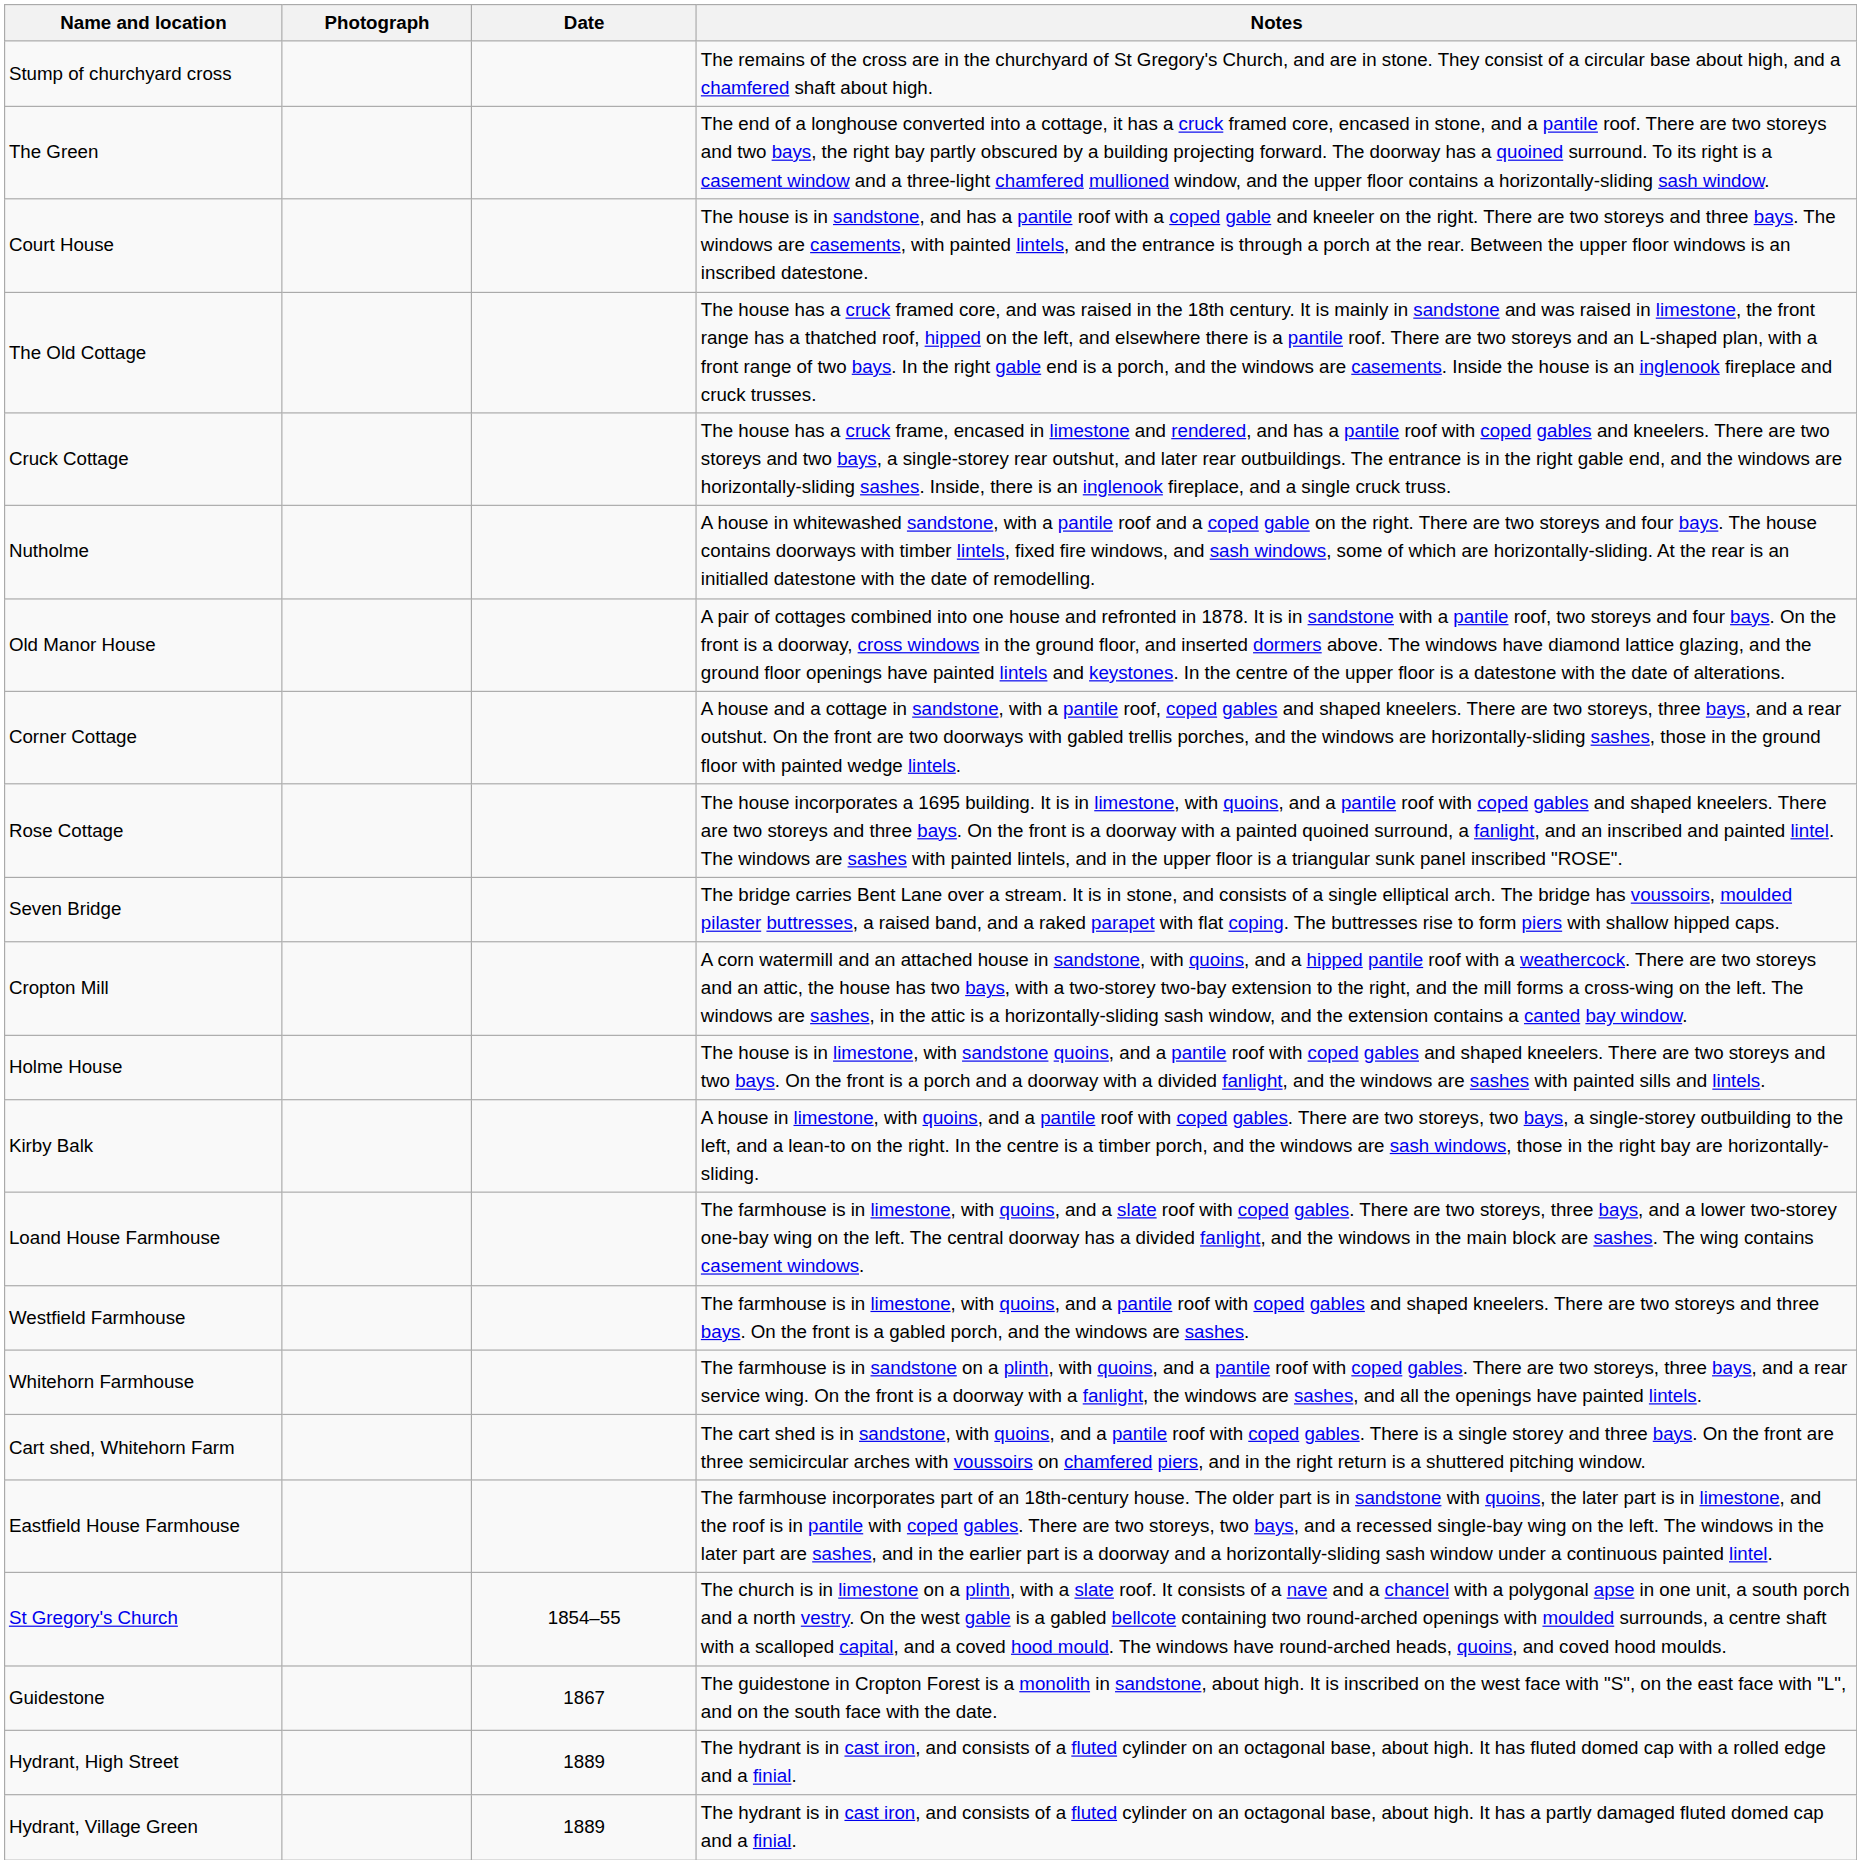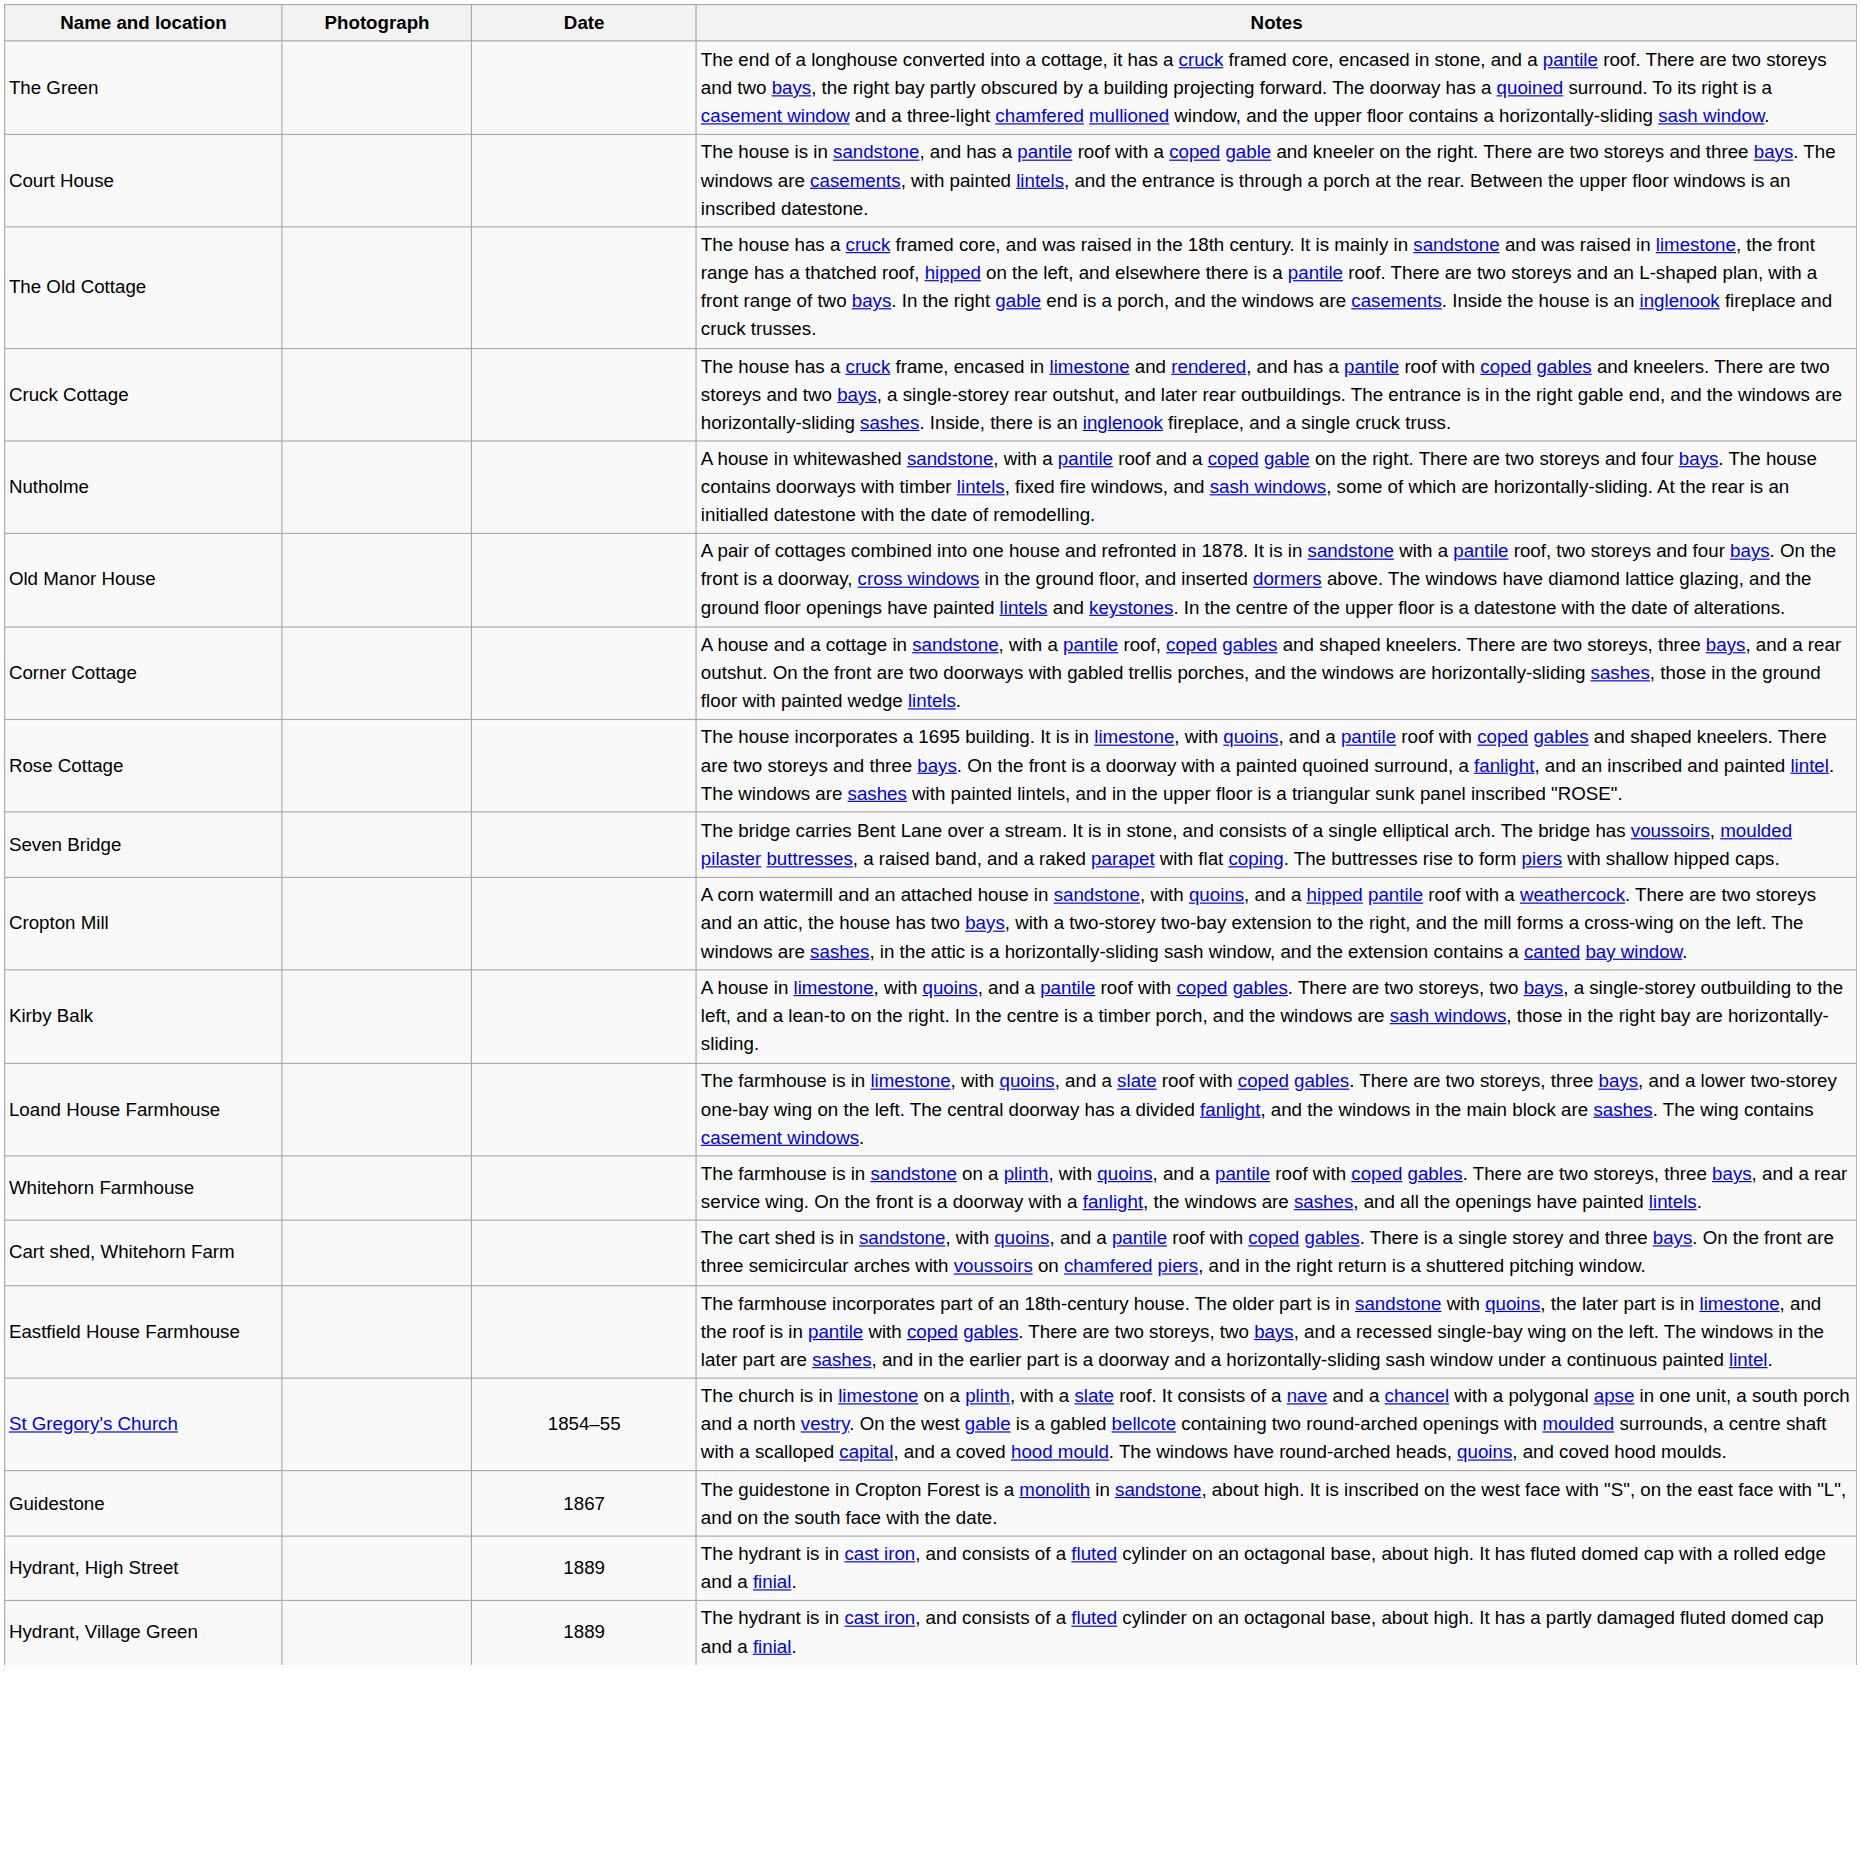 <table class="wikitable sortable plainrowheaders" style="width:100%;border:0px;text-align:left;line-height:150%;">
 <tr>
 <th scope="col"  style="width:150px">Name and location</th>
 <th scope="col"  style="width:100px" class="unsortable">Photograph</th>
 <th scope="col"  style="width:120px">Date</th>
 <th scope="col"  style="width:650px" class="unsortable">Notes</th>
-</tr>
-<tr>
-<td>Stump of churchyard cross<br><small></small></td>
-<td></td>
-<td align="center"></td>
-<td>The remains of the cross are in the churchyard of St Gregory's Church, and are in stone.  They consist of a circular base about  high, and a <a href='#'>chamfered</a> shaft about  high.</td>
 </tr>
 <tr>
 <td>The Green<br><small></small></td>
 <td></td>
 <td align="center"></td>
 <td>The end of a longhouse converted into a cottage, it has a <a href='#'>cruck</a> framed core, encased in stone, and a <a href='#'>pantile</a> roof.  There are two storeys and two <a href='#'>bays</a>, the right bay partly obscured by a building projecting forward.  The doorway has a <a href='#'>quoined</a> surround.  To its right is a <a href='#'>casement window</a> and a three-light <a href='#'>chamfered</a> <a href='#'>mullioned</a> window, and the upper floor contains a horizontally-sliding <a href='#'>sash window</a>.</td>
 </tr>
 <tr>
 <td>Court House<br><small></small></td>
 <td></td>
 <td align="center"></td>
 <td>The house is in <a href='#'>sandstone</a>, and has a <a href='#'>pantile</a> roof with a <a href='#'>coped</a> <a href='#'>gable</a> and kneeler on the right. There are two storeys and three <a href='#'>bays</a>.  The windows are <a href='#'>casements</a>, with painted <a href='#'>lintels</a>, and the entrance is through a porch at the rear.  Between the upper floor windows is an inscribed datestone.</td>
 </tr>
 <tr>
 <td>The Old Cottage<br><small></small></td>
 <td></td>
 <td align="center"></td>
 <td>The house has a <a href='#'>cruck</a> framed core, and was raised in the 18th century.  It is mainly in <a href='#'>sandstone</a> and was raised in <a href='#'>limestone</a>, the front range has a thatched roof, <a href='#'>hipped</a> on the left, and elsewhere there is a <a href='#'>pantile</a> roof.  There are two storeys and an L-shaped plan, with a front range of two <a href='#'>bays</a>.  In the right <a href='#'>gable</a> end is a porch, and the windows are <a href='#'>casements</a>.  Inside the house is an <a href='#'>inglenook</a> fireplace and cruck trusses.</td>
 </tr>
 <tr>
 <td>Cruck Cottage<br><small></small></td>
 <td></td>
 <td align="center"></td>
 <td>The house has a <a href='#'>cruck</a> frame, encased in <a href='#'>limestone</a> and <a href='#'>rendered</a>, and has a <a href='#'>pantile</a> roof with <a href='#'>coped</a> <a href='#'>gables</a> and kneelers.  There are two storeys and two <a href='#'>bays</a>, a single-storey rear outshut, and later rear outbuildings.  The entrance is in the right gable end, and the windows are horizontally-sliding <a href='#'>sashes</a>.  Inside, there is an <a href='#'>inglenook</a> fireplace, and a single cruck truss.</td>
 </tr>
 <tr>
 <td>Nutholme<br><small></small></td>
 <td></td>
 <td align="center"></td>
 <td>A house in whitewashed <a href='#'>sandstone</a>, with a <a href='#'>pantile</a> roof and a <a href='#'>coped</a> <a href='#'>gable</a> on the right.  There are two storeys and four <a href='#'>bays</a>.  The house contains doorways with timber <a href='#'>lintels</a>, fixed fire windows, and <a href='#'>sash windows</a>, some of which are horizontally-sliding.  At the rear is an initialled datestone with the date of remodelling.</td>
 </tr>
 <tr>
 <td>Old Manor House<br><small></small></td>
 <td></td>
 <td align="center"></td>
 <td>A pair of cottages combined into one house and refronted in 1878.  It is in <a href='#'>sandstone</a> with a <a href='#'>pantile</a> roof, two storeys and four <a href='#'>bays</a>.  On the front is a doorway, <a href='#'>cross windows</a> in the ground floor, and inserted <a href='#'>dormers</a> above.  The windows have diamond lattice glazing, and the ground floor openings have painted <a href='#'>lintels</a> and <a href='#'>keystones</a>.  In the centre of the upper floor is a datestone with the date of alterations.</td>
 </tr>
 <tr>
 <td>Corner Cottage<br><small></small></td>
 <td></td>
 <td align="center"></td>
 <td>A house and a cottage in <a href='#'>sandstone</a>, with a <a href='#'>pantile</a> roof, <a href='#'>coped</a> <a href='#'>gables</a> and shaped kneelers.  There are two storeys, three <a href='#'>bays</a>, and a rear outshut.  On the front are two doorways with gabled trellis porches, and the windows are horizontally-sliding <a href='#'>sashes</a>, those in the ground floor with painted wedge <a href='#'>lintels</a>.</td>
 </tr>
 <tr>
 <td>Rose Cottage<br><small></small></td>
 <td></td>
 <td align="center"></td>
 <td>The house incorporates a 1695 building.  It is in <a href='#'>limestone</a>, with <a href='#'>quoins</a>, and a <a href='#'>pantile</a> roof with <a href='#'>coped</a> <a href='#'>gables</a> and shaped kneelers.  There are two storeys and three <a href='#'>bays</a>.  On the front is a doorway with a painted quoined surround, a <a href='#'>fanlight</a>, and an inscribed and painted <a href='#'>lintel</a>.  The windows are <a href='#'>sashes</a> with painted lintels, and in the upper floor is a triangular sunk panel inscribed "ROSE".</td>
 </tr>
 <tr>
 <td>Seven Bridge<br><small></small></td>
 <td></td>
 <td align="center"></td>
 <td>The bridge carries Bent Lane over a stream.  It is in stone, and consists of a single elliptical arch.  The bridge has <a href='#'>voussoirs</a>, <a href='#'>moulded</a> <a href='#'>pilaster</a> <a href='#'>buttresses</a>, a raised band, and a raked <a href='#'>parapet</a> with flat <a href='#'>coping</a>.  The buttresses rise to form <a href='#'>piers</a> with shallow hipped caps.</td>
 </tr>
 <tr>
 <td>Cropton Mill<br><small></small></td>
 <td></td>
 <td align="center"></td>
 <td>A corn watermill and an attached house in <a href='#'>sandstone</a>, with <a href='#'>quoins</a>, and a <a href='#'>hipped</a> <a href='#'>pantile</a> roof with a <a href='#'>weathercock</a>.  There are two storeys and an attic, the house has two <a href='#'>bays</a>, with a two-storey two-bay extension to the right, and the mill forms a cross-wing on the left.  The windows are <a href='#'>sashes</a>, in the attic is a horizontally-sliding sash window, and the extension contains a <a href='#'>canted</a> <a href='#'>bay window</a>.</td>
 </tr>
 <tr>
-<td>Holme House<br><small></small></td>
-<td></td>
-<td align="center"></td>
-<td>The house is in <a href='#'>limestone</a>, with <a href='#'>sandstone</a> <a href='#'>quoins</a>, and a <a href='#'>pantile</a> roof with <a href='#'>coped</a> <a href='#'>gables</a> and shaped kneelers.  There are two storeys and two <a href='#'>bays</a>.  On the front is a porch and a doorway with a divided <a href='#'>fanlight</a>, and the windows are <a href='#'>sashes</a> with painted sills and <a href='#'>lintels</a>.</td>
-</tr>
-<tr>
 <td>Kirby Balk<br><small></small></td>
 <td></td>
 <td align="center"></td>
 <td>A house in <a href='#'>limestone</a>, with <a href='#'>quoins</a>, and a <a href='#'>pantile</a> roof with <a href='#'>coped</a> <a href='#'>gables</a>.  There are two storeys, two <a href='#'>bays</a>, a single-storey outbuilding to the left, and a lean-to on the right.  In the centre is a timber porch, and the windows are <a href='#'>sash windows</a>, those in the right bay are horizontally-sliding.</td>
 </tr>
 <tr>
 <td>Loand House Farmhouse<br><small></small></td>
 <td></td>
 <td align="center"></td>
 <td>The farmhouse is in <a href='#'>limestone</a>, with <a href='#'>quoins</a>, and a <a href='#'>slate</a> roof with <a href='#'>coped</a> <a href='#'>gables</a>.  There are two storeys, three <a href='#'>bays</a>, and a lower two-storey one-bay wing on the left.  The central doorway has a divided <a href='#'>fanlight</a>, and the windows in the main block are <a href='#'>sashes</a>.  The wing contains <a href='#'>casement windows</a>.</td>
-</tr>
-<tr>
-<td>Westfield Farmhouse<br><small></small></td>
-<td></td>
-<td align="center"></td>
-<td>The farmhouse is in <a href='#'>limestone</a>, with <a href='#'>quoins</a>, and a <a href='#'>pantile</a> roof with <a href='#'>coped</a> <a href='#'>gables</a> and shaped kneelers.  There are two storeys and three <a href='#'>bays</a>.  On the front is a gabled porch, and the windows are <a href='#'>sashes</a>.</td>
 </tr>
 <tr>
 <td>Whitehorn Farmhouse<br><small></small></td>
 <td></td>
 <td align="center"></td>
 <td>The farmhouse is in <a href='#'>sandstone</a> on a <a href='#'>plinth</a>, with <a href='#'>quoins</a>, and a <a href='#'>pantile</a> roof with <a href='#'>coped</a> <a href='#'>gables</a>.  There are two storeys, three <a href='#'>bays</a>, and a rear service wing.  On the front is a doorway with a <a href='#'>fanlight</a>, the windows are <a href='#'>sashes</a>, and all the openings have painted <a href='#'>lintels</a>.</td>
 </tr>
 <tr>
 <td>Cart shed, Whitehorn Farm<br><small></small></td>
 <td></td>
 <td align="center"></td>
 <td>The cart shed is in <a href='#'>sandstone</a>, with <a href='#'>quoins</a>, and a <a href='#'>pantile</a> roof with <a href='#'>coped</a> <a href='#'>gables</a>.  There is a single storey and three <a href='#'>bays</a>.  On the front are three semicircular arches with <a href='#'>voussoirs</a> on <a href='#'>chamfered</a> <a href='#'>piers</a>, and in the right return is a shuttered pitching window.</td>
 </tr>
 <tr>
 <td>Eastfield House Farmhouse<br><small></small></td>
 <td></td>
 <td align="center"></td>
 <td>The farmhouse incorporates part of an 18th-century house.  The older part is in <a href='#'>sandstone</a> with <a href='#'>quoins</a>, the later part is in <a href='#'>limestone</a>, and the roof is in <a href='#'>pantile</a> with <a href='#'>coped</a> <a href='#'>gables</a>. There are two storeys, two <a href='#'>bays</a>, and a recessed single-bay wing on the left.  The windows in the later part are <a href='#'>sashes</a>, and in the earlier part is a doorway and a horizontally-sliding sash window under a continuous painted <a href='#'>lintel</a>.</td>
 </tr>
 <tr>
 <td><a href='#'>St Gregory's Church</a><br><small></small></td>
 <td></td>
 <td align="center">1854–55</td>
 <td>The church is in <a href='#'>limestone</a> on a <a href='#'>plinth</a>, with a <a href='#'>slate</a> roof.  It consists of a <a href='#'>nave</a> and a <a href='#'>chancel</a> with a polygonal <a href='#'>apse</a> in one unit, a south porch and a north <a href='#'>vestry</a>.  On the west <a href='#'>gable</a> is a gabled <a href='#'>bellcote</a> containing two round-arched openings with <a href='#'>moulded</a> surrounds, a centre shaft with a scalloped <a href='#'>capital</a>, and a coved <a href='#'>hood mould</a>.  The windows have round-arched heads, <a href='#'>quoins</a>, and coved hood moulds.</td>
 </tr>
 <tr>
 <td>Guidestone<br><small></small></td>
 <td></td>
 <td align="center">1867</td>
 <td>The guidestone in Cropton Forest is a <a href='#'>monolith</a> in <a href='#'>sandstone</a>, about  high.  It is inscribed on the west face with "S", on the east face with "L", and on the south face with the date.</td>
 </tr>
 <tr>
 <td>Hydrant, High Street<br><small></small></td>
 <td></td>
 <td align="center">1889</td>
 <td>The hydrant is in <a href='#'>cast iron</a>, and consists of a <a href='#'>fluted</a> cylinder on an octagonal base, about  high.  It has fluted domed cap with a rolled edge and a <a href='#'>finial</a>.</td>
 </tr>
 <tr>
 <td>Hydrant, Village Green<br><small></small></td>
 <td></td>
 <td align="center">1889</td>
 <td>The hydrant is in <a href='#'>cast iron</a>, and consists of a <a href='#'>fluted</a> cylinder on an octagonal base, about  high.  It has a partly damaged fluted domed cap and a <a href='#'>finial</a>.</td>
 </tr>
 <tr>
 </tr>
 </table>
